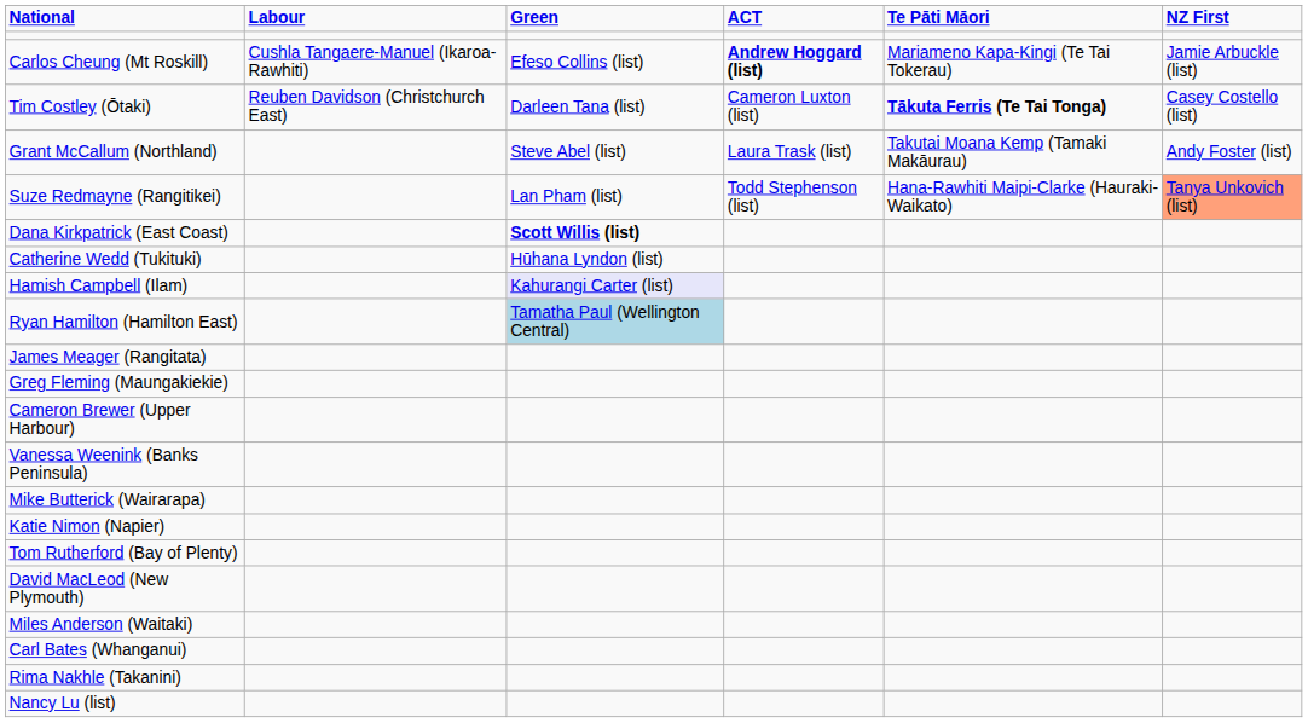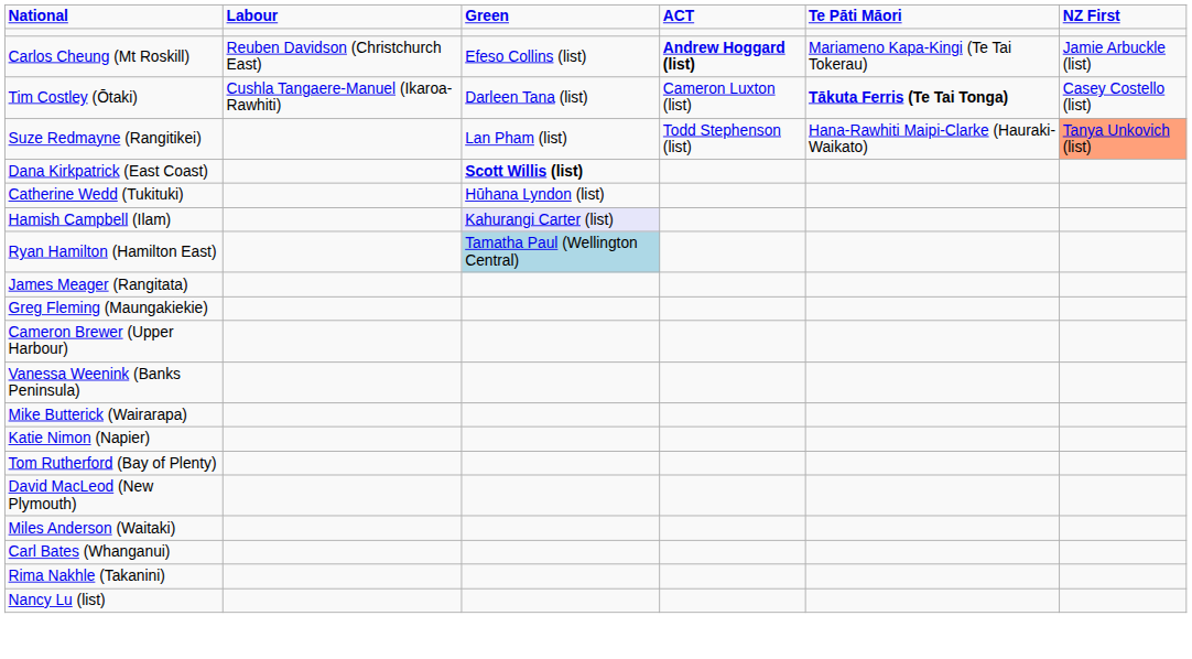 <table class="wikitable sortable">
 <tr>
 <td><strong><a href='#'>National</a></strong></td>
 <td><strong><a href='#'>Labour</a></strong></td>
 <td><strong><a href='#'>Green</a></strong></td>
 <td><strong><a href='#'>ACT</a></strong></td>
 <td><strong><a href='#'>Te Pāti Māori</a></strong></td>
 <td><strong><a href='#'>NZ First</a></strong></td>
 </tr>
 <tr>
 <td></td>
 <td></td>
 <td></td>
 <td></td>
 <td></td>
 <td></td>
 </tr>
 <tr>
 <td><a href='#'>Carlos Cheung</a> (Mt Roskill)</td>
-<td><a href='#'>Cushla Tangaere-Manuel</a> (Ikaroa-Rawhiti)</td>
+<td><a href='#'>Reuben Davidson</a> (Christchurch East)</td>
 <td><a href='#'>Efeso Collins</a> (list)</td>
 <td><strong><a href='#'>Andrew Hoggard</a> (list)</strong></td>
 <td><a href='#'>Mariameno Kapa-Kingi</a> (Te Tai Tokerau)</td>
 <td><a href='#'>Jamie Arbuckle</a> (list)</td>
 </tr>
 <tr>
 <td><a href='#'>Tim Costley</a> (Ōtaki)</td>
-<td><a href='#'>Reuben Davidson</a> (Christchurch East)</td>
+<td><a href='#'>Cushla Tangaere-Manuel</a> (Ikaroa-Rawhiti)</td>
 <td><a href='#'>Darleen Tana</a> (list)</td>
 <td><a href='#'>Cameron Luxton</a> (list)</td>
 <td><strong><a href='#'>Tākuta Ferris</a> (Te Tai Tonga)</strong></td>
 <td><a href='#'>Casey Costello</a> (list)</td>
-</tr>
-<tr>
-<td><a href='#'>Grant McCallum</a> (Northland)</td>
-<td></td>
-<td><a href='#'>Steve Abel</a> (list)</td>
-<td><a href='#'>Laura Trask</a> (list)</td>
-<td><a href='#'>Takutai Moana Kemp</a> (Tamaki Makāurau)</td>
-<td><a href='#'>Andy Foster</a> (list)</td>
 </tr>
 <tr>
 <td><a href='#'>Suze Redmayne</a> (Rangitikei)</td>
 <td></td>
 <td><a href='#'>Lan Pham</a> (list)</td>
 <td><a href='#'>Todd Stephenson</a> (list)</td>
 <td><a href='#'>Hana-Rawhiti Maipi-Clarke</a> (Hauraki-Waikato)</td>
 <td style="background: lightsalmon;"><a href='#'>Tanya Unkovich</a> (list)</td>
 </tr>
 <tr>
 <td><a href='#'>Dana Kirkpatrick</a> (East Coast)</td>
 <td></td>
 <td><strong><a href='#'>Scott Willis</a> (list)</strong></td>
 <td></td>
 <td></td>
 <td></td>
 </tr>
 <tr>
 <td><a href='#'>Catherine Wedd</a> (Tukituki)</td>
 <td></td>
 <td><a href='#'>Hūhana Lyndon</a> (list)</td>
 <td></td>
 <td></td>
 <td></td>
 </tr>
 <tr>
 <td><a href='#'>Hamish Campbell</a> (Ilam)</td>
 <td></td>
 <td style="background: lavender;"><a href='#'>Kahurangi Carter</a> (list)</td>
 <td></td>
 <td></td>
 <td></td>
 </tr>
 <tr>
 <td><a href='#'>Ryan Hamilton</a> (Hamilton East)</td>
 <td></td>
 <td style="background: lightblue;"><a href='#'>Tamatha Paul</a> (Wellington Central)</td>
 <td></td>
 <td></td>
 <td></td>
 </tr>
 <tr>
 <td><a href='#'>James Meager</a> (Rangitata)</td>
 <td></td>
 <td></td>
 <td></td>
 <td></td>
 <td></td>
 </tr>
 <tr>
 <td><a href='#'>Greg Fleming</a> (Maungakiekie)</td>
 <td></td>
 <td></td>
 <td></td>
 <td></td>
 <td></td>
 </tr>
 <tr>
 <td><a href='#'>Cameron Brewer</a> (Upper Harbour)</td>
 <td></td>
 <td></td>
 <td></td>
 <td></td>
 <td></td>
 </tr>
 <tr>
 <td><a href='#'>Vanessa Weenink</a> (Banks Peninsula)</td>
 <td></td>
 <td></td>
 <td></td>
 <td></td>
 <td></td>
 </tr>
 <tr>
 <td><a href='#'>Mike Butterick</a> (Wairarapa)</td>
 <td></td>
 <td></td>
 <td></td>
 <td></td>
 <td></td>
 </tr>
 <tr>
 <td><a href='#'>Katie Nimon</a> (Napier)</td>
 <td></td>
 <td></td>
 <td></td>
 <td></td>
 <td></td>
 </tr>
 <tr>
 <td><a href='#'>Tom Rutherford</a> (Bay of Plenty)</td>
 <td></td>
 <td></td>
 <td></td>
 <td></td>
 <td></td>
 </tr>
 <tr>
 <td><a href='#'>David MacLeod</a> (New Plymouth)</td>
 <td></td>
 <td></td>
 <td></td>
 <td></td>
 <td></td>
 </tr>
 <tr>
 <td><a href='#'>Miles Anderson</a> (Waitaki)</td>
 <td></td>
 <td></td>
 <td></td>
 <td></td>
 <td></td>
 </tr>
 <tr>
 <td><a href='#'>Carl Bates</a> (Whanganui)</td>
 <td></td>
 <td></td>
 <td></td>
 <td></td>
 <td></td>
 </tr>
 <tr>
 <td><a href='#'>Rima Nakhle</a> (Takanini)</td>
 <td></td>
 <td></td>
 <td></td>
 <td></td>
 <td></td>
 </tr>
 <tr>
 <td><a href='#'>Nancy Lu</a> (list)</td>
 <td></td>
 <td></td>
 <td></td>
 <td></td>
 <td></td>
 </tr>
 </table>
